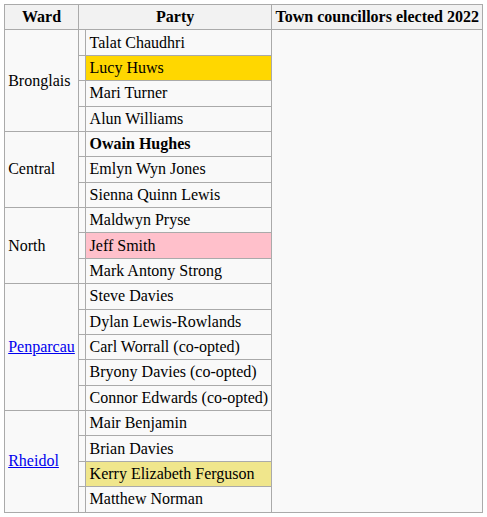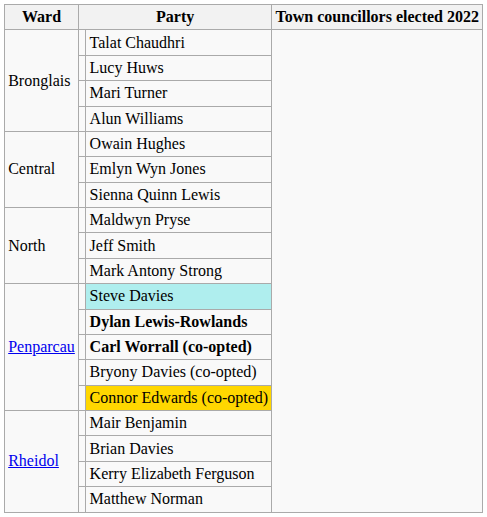 <table class="wikitable">
 <tr>
 <th>Ward</th>
 <th colspan=2>Party</th>
 <th>Town councillors elected 2022</th>
 </tr>
 <tr>
 <td rowspan="4">Bronglais</td>
 <td></td>
 <td>Talat Chaudhri</td>
 </tr>
 <tr>
 <td></td>
-<td style="background: gold;">Lucy Huws</td>
+<td>Lucy Huws</td>
 </tr>
 <tr>
 <td></td>
 <td>Mari Turner</td>
 </tr>
 <tr>
 <td></td>
 <td>Alun Williams</td>
 </tr>
 <tr>
 <td rowspan="3">Central</td>
 <td></td>
-<td><strong>Owain Hughes</strong></td>
+<td>Owain Hughes</td>
 </tr>
 <tr>
 <td></td>
 <td>Emlyn Wyn Jones</td>
 </tr>
 <tr>
 <td></td>
 <td>Sienna Quinn Lewis</td>
 </tr>
 <tr>
 <td rowspan="3">North</td>
 <td></td>
 <td>Maldwyn Pryse</td>
 </tr>
 <tr>
 <td></td>
-<td style="background: pink;">Jeff Smith</td>
+<td>Jeff Smith</td>
 </tr>
 <tr>
 <td></td>
 <td>Mark Antony Strong</td>
 </tr>
 <tr>
 <td rowspan="5"><a href='#'>Penparcau</a></td>
 <td></td>
-<td>Steve Davies</td>
+<td style="background: paleturquoise;">Steve Davies</td>
 </tr>
 <tr>
 <td></td>
-<td>Dylan Lewis-Rowlands</td>
+<td><strong>Dylan Lewis-Rowlands</strong></td>
 </tr>
 <tr>
 <td></td>
-<td>Carl Worrall (co-opted)</td>
+<td><strong>Carl Worrall (co-opted)</strong></td>
 </tr>
 <tr>
 <td></td>
 <td>Bryony Davies (co-opted)</td>
 </tr>
 <tr>
 <td></td>
-<td>Connor Edwards (co-opted)</td>
+<td style="background: gold;">Connor Edwards (co-opted)</td>
 </tr>
 <tr>
 <td rowspan="4"><a href='#'>Rheidol</a></td>
 <td></td>
 <td>Mair Benjamin</td>
 </tr>
 <tr>
 <td></td>
 <td>Brian Davies</td>
 </tr>
 <tr>
 <td></td>
-<td style="background: khaki;">Kerry Elizabeth Ferguson</td>
+<td>Kerry Elizabeth Ferguson</td>
 </tr>
 <tr>
 <td></td>
 <td>Matthew Norman</td>
 </tr>
 </table>
